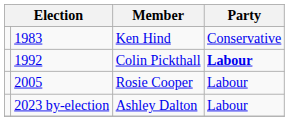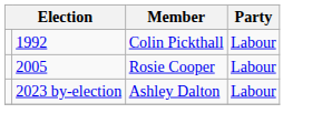 <table class="wikitable">
 <tr>
 <th colspan=2>Election</th>
 <th>Member</th>
 <th>Party</th>
 </tr>
 <tr>
 <td style="color:inherit;background-color: "></td>
-<td><a href='#'>1983</a></td>
-<td><a href='#'>Ken Hind</a></td>
-<td><a href='#'>Conservative</a></td>
-</tr>
-<tr>
-<td style="color:inherit;background-color: "></td>
 <td><a href='#'>1992</a></td>
 <td><a href='#'>Colin Pickthall</a></td>
-<td><strong><a href='#'>Labour</a></strong></td>
+<td><a href='#'>Labour</a></td>
 </tr>
 <tr>
 <td style="color:inherit;background-color: "></td>
 <td><a href='#'>2005</a></td>
 <td><a href='#'>Rosie Cooper</a></td>
 <td><a href='#'>Labour</a></td>
 </tr>
 <tr>
 <td style="color:inherit;background-color: "></td>
 <td><a href='#'>2023 by-election</a></td>
 <td><a href='#'>Ashley Dalton</a></td>
 <td><a href='#'>Labour</a></td>
 </tr>
 <tr>
 </tr>
 </table>
